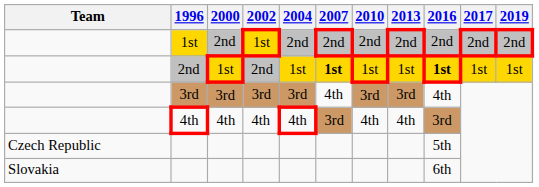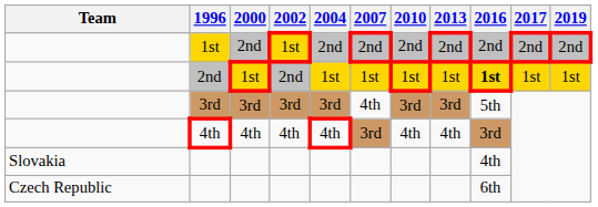 <table class="wikitable sortable" style="text-align:center; font-size:80%">
 <tr>
 <th width=140>Team</th>
 <th><a href='#'>1996</a></th>
 <th><a href='#'>2000</a></th>
 <th><a href='#'>2002</a></th>
 <th><a href='#'>2004</a></th>
 <th><a href='#'>2007</a></th>
 <th><a href='#'>2010</a></th>
 <th><a href='#'>2013</a></th>
 <th><a href='#'>2016</a></th>
 <th><a href='#'>2017</a></th>
 <th><a href='#'>2019</a></th>
 </tr>
 <tr>
 <td align=left></td>
 <td bgcolor=gold>1st</td>
 <td bgcolor=silver>2nd</td>
 <td bgcolor=gold style="border:3px solid red">1st</td>
 <td bgcolor=silver>2nd</td>
 <td bgcolor=silver style="border:3px solid red">2nd</td>
 <td bgcolor=silver>2nd</td>
 <td bgcolor=silver style="border:3px solid red">2nd</td>
 <td bgcolor=silver>2nd</td>
 <td bgcolor=silver style="border:3px solid red">2nd</td>
 <td bgcolor=silver style="border:3px solid red">2nd</td>
 </tr>
 <tr>
 <td align=left></td>
 <td bgcolor=silver>2nd</td>
 <td bgcolor=gold style="border:3px solid red">1st</td>
 <td bgcolor=silver>2nd</td>
 <td bgcolor=gold>1st</td>
-<td bgcolor=gold><strong>1st</strong></td>
+<td bgcolor=gold>1st</td>
 <td bgcolor=gold style="border:3px solid red">1st</td>
 <td bgcolor=gold>1st</td>
 <td bgcolor=gold style="border:3px solid red"><strong>1st</strong></td>
 <td bgcolor=gold>1st</td>
 <td bgcolor=gold>1st</td>
 </tr>
 <tr>
 <td align=left></td>
 <td bgcolor=#cc9966>3rd</td>
 <td bgcolor=#cc9966>3rd</td>
 <td bgcolor=#cc9966>3rd</td>
 <td bgcolor=#cc9966>3rd</td>
 <td>4th</td>
 <td bgcolor=#cc9966>3rd</td>
 <td bgcolor=#cc9966>3rd</td>
-<td>4th</td>
+<td>5th</td>
 </tr>
 <tr>
 <td align=left></td>
 <td style="border:3px solid red">4th</td>
 <td>4th</td>
 <td>4th</td>
 <td style="border:3px solid red">4th</td>
 <td bgcolor=#cc9966>3rd</td>
 <td>4th</td>
 <td>4th</td>
 <td bgcolor=#cc9966>3rd</td>
 </tr>
 <tr>
-<td align=left> Czech Republic</td>
+<td align=left> Slovakia</td>
 <td></td>
 <td></td>
 <td></td>
 <td></td>
 <td></td>
 <td></td>
 <td></td>
-<td>5th</td>
+<td>4th</td>
 </tr>
 <tr>
-<td align=left> Slovakia</td>
+<td align=left> Czech Republic</td>
 <td></td>
 <td></td>
 <td></td>
 <td></td>
 <td></td>
 <td></td>
 <td></td>
 <td>6th</td>
 </tr>
 </table>
